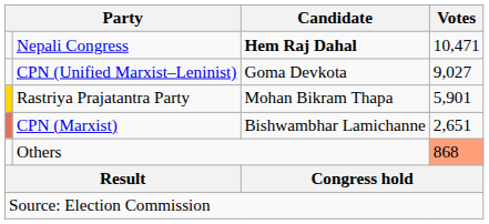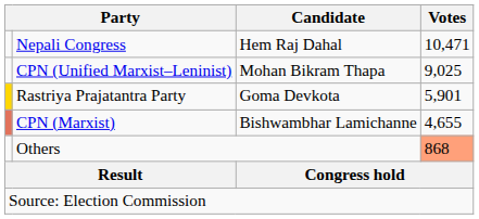 <table class="wikitable">
 <tr>
 <th colspan="2">Party</th>
 <th>Candidate</th>
 <th>Votes</th>
 </tr>
 <tr>
 <td style="background-color:"></td>
 <td><a href='#'>Nepali Congress</a></td>
-<td><strong>Hem Raj Dahal</strong></td>
+<td>Hem Raj Dahal</td>
 <td>10,471</td>
 </tr>
 <tr>
 <td style="background-color:"></td>
 <td><a href='#'>CPN (Unified Marxist–Leninist)</a></td>
-<td>Goma Devkota</td>
-<td>9,027</td>
+<td>Mohan Bikram Thapa</td>
+<td>9,025</td>
 </tr>
 <tr>
 <td style="background-color:gold"></td>
 <td>Rastriya Prajatantra Party</td>
-<td>Mohan Bikram Thapa</td>
+<td>Goma Devkota</td>
 <td>5,901</td>
 </tr>
 <tr>
 <td style="background-color:#E2725B"></td>
 <td><a href='#'>CPN (Marxist)</a></td>
 <td>Bishwambhar Lamichanne</td>
-<td>2,651</td>
+<td>4,655</td>
 </tr>
 <tr>
 <td></td>
 <td colspan="2">Others</td>
 <td style="background: lightsalmon;">868</td>
 </tr>
 <tr>
 <th colspan="2">Result</th>
 <th colspan="2">Congress hold</th>
 </tr>
 <tr>
 <td colspan="4">Source: Election Commission</td>
 </tr>
 </table>
